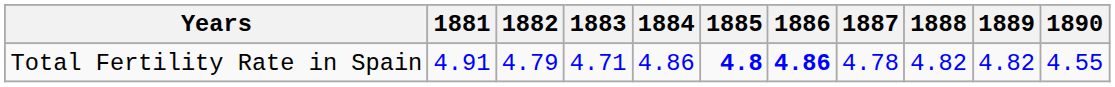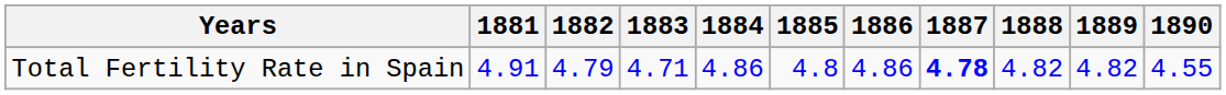 <table class="wikitable " style="text-align:right">
 <tr>
 <th>Years</th>
 <th>1881</th>
 <th>1882</th>
 <th>1883</th>
 <th>1884</th>
 <th>1885</th>
 <th>1886</th>
 <th>1887</th>
 <th>1888</th>
 <th>1889</th>
 <th>1890</th>
 </tr>
 <tr>
 <td align="left">Total Fertility Rate in Spain</td>
 <td style="text-align:right; color:blue;">4.91</td>
 <td style="text-align:right; color:blue;">4.79</td>
 <td style="text-align:right; color:blue;">4.71</td>
 <td style="text-align:right; color:blue;">4.86</td>
-<td style="text-align:right; color:blue;"><strong>4.8</strong></td>
-<td style="text-align:right; color:blue;"><strong>4.86</strong></td>
-<td style="text-align:right; color:blue;">4.78</td>
+<td style="text-align:right; color:blue;">4.8</td>
+<td style="text-align:right; color:blue;">4.86</td>
+<td style="text-align:right; color:blue;"><strong>4.78</strong></td>
 <td style="text-align:right; color:blue;">4.82</td>
 <td style="text-align:right; color:blue;">4.82</td>
 <td style="text-align:right; color:blue;">4.55</td>
 </tr>
 </table>
